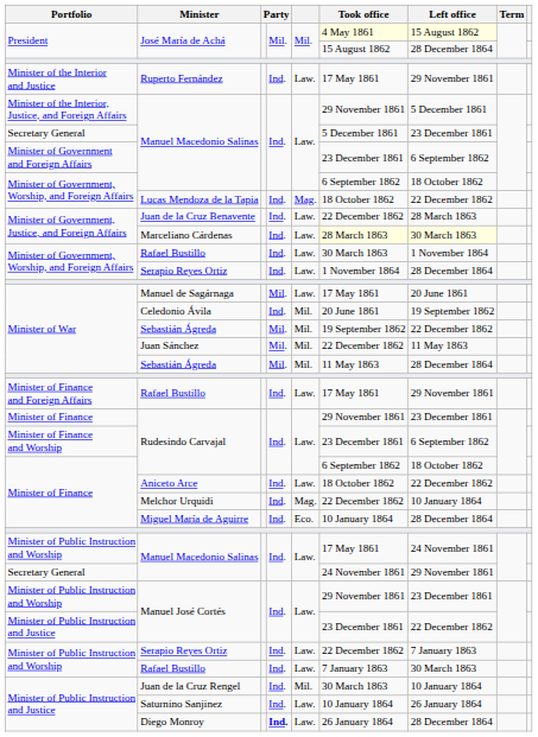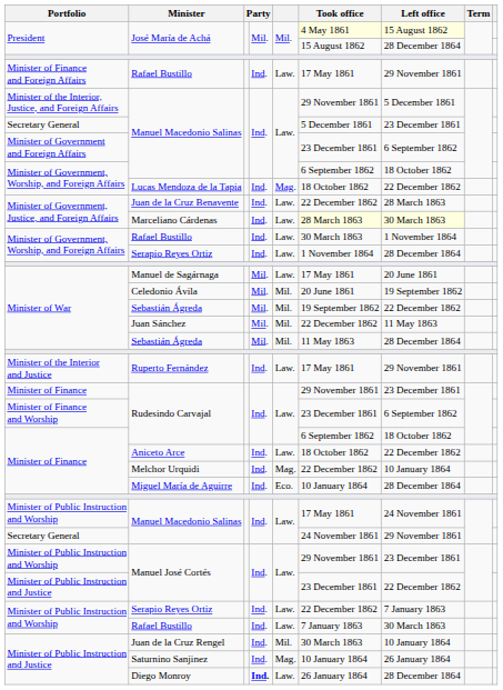 <table class="wikitable" style="font-size: 90%;">
 <tr>
 <th>Portfolio</th>
 <th>Minister</th>
 <th colspan="2">Party</th>
 <th></th>
 <th>Took office</th>
 <th>Left office</th>
 <th>Term</th>
 <th></th>
 </tr>
 <tr>
 <td rowspan=2><a href='#'>President</a></td>
 <td rowspan=2><a href='#'>José María de Achá</a></td>
 <td rowspan=2 style="background-color:"></td>
 <td rowspan=2><a href='#'>Mil</a>.</td>
 <td rowspan=2><a href='#'>Mil</a>.</td>
 <td style="background-color:#FFFFE0;">4 May 1861</td>
 <td style="background-color:#FFFFE0;">15 August 1862</td>
 <td rowspan=2></td>
 <td></td>
 </tr>
 <tr>
 <td>15 August 1862</td>
 <td>28 December 1864</td>
 <td></td>
 </tr>
 <tr>
 <td colspan="9" bgcolor="#EAECF0"></td>
 </tr>
 <tr>
-<td><a href='#'>Minister of the Interior<br>and Justice</a></td>
-<td><a href='#'>Ruperto Fernández</a></td>
+<td><a href='#'>Minister of Finance<br>and Foreign Affairs</a></td>
+<td><a href='#'>Rafael Bustillo</a></td>
 <td style="background-color:"></td>
 <td><a href='#'>Ind</a>.</td>
 <td>Law.</td>
 <td>17 May 1861</td>
 <td>29 November 1861</td>
 <td></td>
 <td></td>
 </tr>
 <tr>
 <td><a href='#'>Minister of the Interior,<br>Justice, and Foreign Affairs</a></td>
 <td rowspan=4><a href='#'>Manuel Macedonio Salinas</a></td>
 <td rowspan=4 style="background-color:"></td>
 <td rowspan=4><a href='#'>Ind</a>.</td>
 <td rowspan=4>Law.</td>
 <td>29 November 1861</td>
 <td>5 December 1861</td>
 <td rowspan=4></td>
 <td></td>
 </tr>
 <tr>
 <td>Secretary General</td>
 <td>5 December 1861</td>
 <td>23 December 1861</td>
 <td></td>
 </tr>
 <tr>
 <td><a href='#'>Minister of Government<br>and Foreign Affairs</a></td>
 <td>23 December 1861</td>
 <td>6 September 1862</td>
 <td></td>
 </tr>
 <tr>
 <td rowspan=2><a href='#'>Minister of Government,<br>Worship, and Foreign Affairs</a></td>
 <td>6 September 1862</td>
 <td>18 October 1862</td>
 <td></td>
 </tr>
 <tr>
 <td><a href='#'>Lucas Mendoza de la Tapia</a></td>
 <td style="background-color:"></td>
 <td><a href='#'>Ind</a>.</td>
 <td><a href='#'>Mag</a>.</td>
 <td>18 October 1862</td>
 <td>22 December 1862</td>
 <td></td>
 <td></td>
 </tr>
 <tr>
 <td rowspan=2><a href='#'>Minister of Government,<br>Justice, and Foreign Affairs</a></td>
 <td><a href='#'>Juan de la Cruz Benavente</a></td>
 <td style="background-color:"></td>
 <td><a href='#'>Ind</a>.</td>
 <td>Law.</td>
 <td>22 December 1862</td>
 <td>28 March 1863</td>
 <td></td>
 <td></td>
 </tr>
 <tr>
 <td>Marceliano Cárdenas</td>
 <td style="background-color:"></td>
 <td><a href='#'>Ind</a>.</td>
 <td>Law.</td>
 <td style="background-color:#FFFFE0;">28 March 1863</td>
 <td style="background-color:#FFFFE0;">30 March 1863</td>
 <td></td>
 <td></td>
 </tr>
 <tr>
 <td rowspan=2><a href='#'>Minister of Government,<br>Worship, and Foreign Affairs</a></td>
 <td><a href='#'>Rafael Bustillo</a></td>
 <td style="background-color:"></td>
 <td><a href='#'>Ind</a>.</td>
 <td>Law.</td>
 <td>30 March 1863</td>
 <td>1 November 1864</td>
 <td></td>
 <td></td>
 </tr>
 <tr>
 <td><a href='#'>Serapio Reyes Ortiz</a></td>
 <td style="background-color:"></td>
 <td><a href='#'>Ind</a>.</td>
 <td>Law.</td>
 <td>1 November 1864</td>
 <td>28 December 1864</td>
 <td></td>
 <td></td>
 </tr>
 <tr>
 <td colspan="9" bgcolor="#EAECF0"></td>
 </tr>
 <tr>
 <td rowspan=5><a href='#'>Minister of War</a></td>
 <td>Manuel de Sagárnaga</td>
 <td style="background-color:"></td>
 <td><a href='#'>Mil</a>.</td>
 <td>Law.</td>
 <td>17 May 1861</td>
 <td>20 June 1861</td>
 <td></td>
 <td></td>
 </tr>
 <tr>
 <td>Celedonio Ávila</td>
 <td style="background-color:"></td>
-<td><a href='#'>Ind</a>.</td>
+<td><a href='#'>Mil</a>.</td>
 <td>Mil.</td>
 <td>20 June 1861</td>
 <td>19 September 1862</td>
 <td></td>
 <td></td>
 </tr>
 <tr>
 <td><a href='#'>Sebastián Ágreda</a></td>
 <td style="background-color:"></td>
 <td><a href='#'>Mil</a>.</td>
 <td>Mil.</td>
 <td>19 September 1862</td>
 <td>22 December 1862</td>
 <td></td>
 <td></td>
 </tr>
 <tr>
 <td>Juan Sánchez</td>
 <td style="background-color:"></td>
 <td><a href='#'>Mil</a>.</td>
 <td>Mil.</td>
 <td>22 December 1862</td>
 <td>11 May 1863</td>
 <td></td>
 <td></td>
 </tr>
 <tr>
 <td><a href='#'>Sebastián Ágreda</a></td>
 <td style="background-color:"></td>
 <td><a href='#'>Mil</a>.</td>
 <td>Mil.</td>
 <td>11 May 1863</td>
 <td>28 December 1864</td>
 <td></td>
 <td></td>
 </tr>
 <tr>
 <td colspan="9" bgcolor="#EAECF0"></td>
 </tr>
 <tr>
-<td><a href='#'>Minister of Finance<br>and Foreign Affairs</a></td>
-<td><a href='#'>Rafael Bustillo</a></td>
+<td><a href='#'>Minister of the Interior<br>and Justice</a></td>
+<td><a href='#'>Ruperto Fernández</a></td>
 <td style="background-color:"></td>
 <td><a href='#'>Ind</a>.</td>
 <td>Law.</td>
 <td>17 May 1861</td>
 <td>29 November 1861</td>
 <td></td>
 <td></td>
 </tr>
 <tr>
 <td><a href='#'>Minister of Finance</a></td>
 <td rowspan=3>Rudesindo Carvajal</td>
 <td rowspan=3 style="background-color:"></td>
 <td rowspan=3><a href='#'>Ind</a>.</td>
 <td rowspan=3>Law.</td>
 <td>29 November 1861</td>
 <td>23 December 1861</td>
 <td rowspan=3></td>
 <td></td>
 </tr>
 <tr>
 <td><a href='#'>Minister of Finance<br>and Worship</a></td>
 <td>23 December 1861</td>
 <td>6 September 1862</td>
 <td></td>
 </tr>
 <tr>
 <td rowspan=4><a href='#'>Minister of Finance</a></td>
 <td>6 September 1862</td>
 <td>18 October 1862</td>
 <td></td>
 </tr>
 <tr>
 <td><a href='#'>Aniceto Arce</a></td>
 <td style="background-color:"></td>
 <td><a href='#'>Ind</a>.</td>
 <td>Law.</td>
 <td>18 October 1862</td>
 <td>22 December 1862</td>
 <td></td>
 <td></td>
 </tr>
 <tr>
 <td>Melchor Urquidi</td>
 <td style="background-color:"></td>
 <td><a href='#'>Ind</a>.</td>
 <td>Mag.</td>
 <td>22 December 1862</td>
 <td>10 January 1864</td>
 <td></td>
 <td></td>
 </tr>
 <tr>
 <td><a href='#'>Miguel María de Aguirre</a></td>
 <td style="background-color:"></td>
 <td><a href='#'>Ind</a>.</td>
 <td>Eco.</td>
 <td>10 January 1864</td>
 <td>28 December 1864</td>
 <td></td>
 <td></td>
 </tr>
 <tr>
 <td colspan="9" bgcolor="#EAECF0"></td>
 </tr>
 <tr>
 <td><a href='#'>Minister of Public Instruction<br>and Worship</a></td>
 <td rowspan=2><a href='#'>Manuel Macedonio Salinas</a></td>
 <td rowspan=2 style="background-color:"></td>
 <td rowspan=2><a href='#'>Ind</a>.</td>
 <td rowspan=2>Law.</td>
 <td>17 May 1861</td>
 <td>24 November 1861</td>
 <td rowspan=2></td>
 <td></td>
 </tr>
 <tr>
 <td>Secretary General</td>
 <td>24 November 1861</td>
 <td>29 November 1861</td>
 <td></td>
 </tr>
 <tr>
 <td><a href='#'>Minister of Public Instruction<br>and Worship</a></td>
 <td rowspan=2>Manuel José Cortés</td>
 <td rowspan=2 style="background-color:"></td>
 <td rowspan=2><a href='#'>Ind</a>.</td>
 <td rowspan=2>Law.</td>
 <td>29 November 1861</td>
 <td>23 December 1861</td>
 <td rowspan=2></td>
 <td></td>
 </tr>
 <tr>
 <td><a href='#'>Minister of Public Instruction<br>and Justice</a></td>
 <td>23 December 1861</td>
 <td>22 December 1862</td>
 <td></td>
 </tr>
 <tr>
 <td rowspan=2><a href='#'>Minister of Public Instruction<br>and Worship</a></td>
 <td><a href='#'>Serapio Reyes Ortiz</a></td>
 <td style="background-color:"></td>
 <td><a href='#'>Ind</a>.</td>
 <td>Law.</td>
 <td>22 December 1862</td>
 <td>7 January 1863</td>
 <td></td>
 <td></td>
 </tr>
 <tr>
 <td><a href='#'>Rafael Bustillo</a></td>
 <td style="background-color:"></td>
 <td><a href='#'>Ind</a>.</td>
 <td>Law.</td>
 <td>7 January 1863</td>
 <td>30 March 1863</td>
 <td></td>
 <td></td>
 </tr>
 <tr>
 <td rowspan=3><a href='#'>Minister of Public Instruction<br>and Justice</a></td>
 <td>Juan de la Cruz Rengel</td>
 <td style="background-color:"></td>
 <td><a href='#'>Ind</a>.</td>
 <td>Mil.</td>
 <td>30 March 1863</td>
 <td>10 January 1864</td>
 <td></td>
 <td></td>
 </tr>
 <tr>
 <td>Saturnino Sanjinez</td>
 <td style="background-color:"></td>
 <td><a href='#'>Ind</a>.</td>
-<td>Law.</td>
+<td>Mag.</td>
 <td>10 January 1864</td>
 <td>26 January 1864</td>
 <td></td>
 <td></td>
 </tr>
 <tr>
 <td>Diego Monroy</td>
 <td style="background-color:"></td>
 <td><strong><a href='#'>Ind</a>.</strong></td>
 <td>Law.</td>
 <td>26 January 1864</td>
 <td>28 December 1864</td>
 <td></td>
 <td></td>
 </tr>
 </table>
